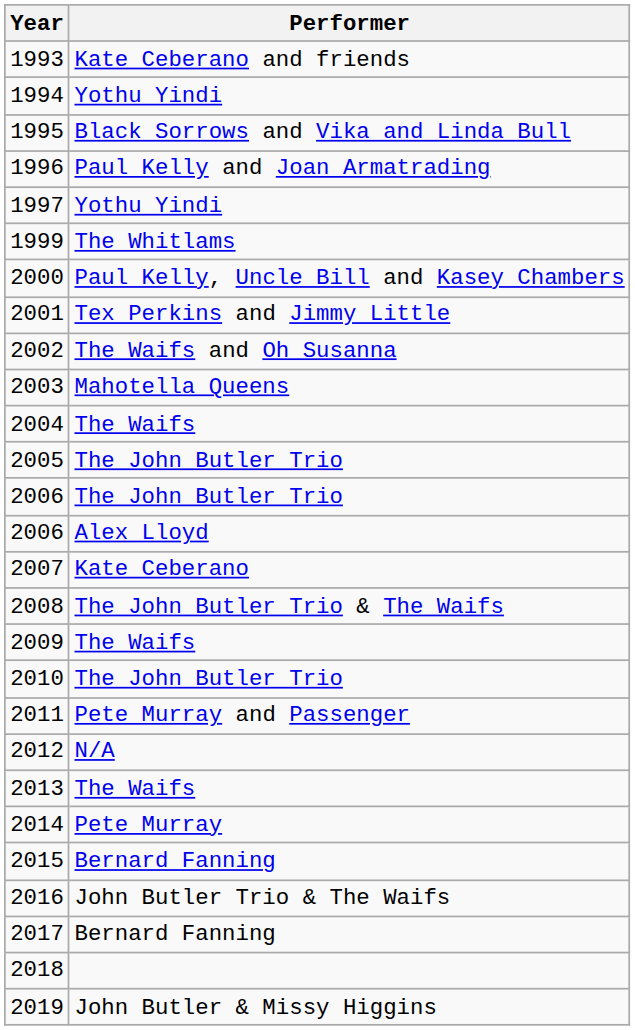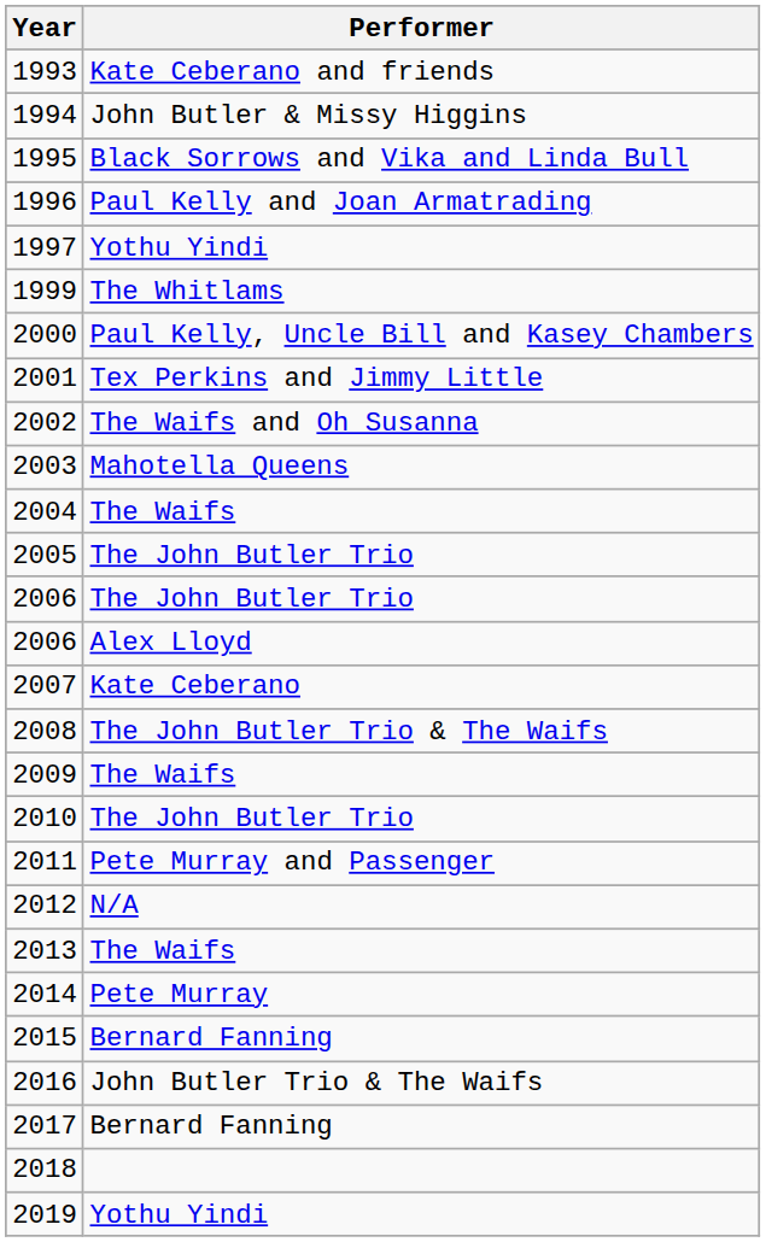 <table class="wikitable">
 <tr>
 <th>Year</th>
 <th>Performer</th>
 </tr>
 <tr>
 <td>1993</td>
 <td><a href='#'>Kate Ceberano</a> and friends</td>
 </tr>
 <tr>
 <td>1994</td>
-<td><a href='#'>Yothu Yindi</a></td>
+<td>John Butler & Missy Higgins</td>
 </tr>
 <tr>
 <td>1995</td>
 <td><a href='#'>Black Sorrows</a> and <a href='#'>Vika and Linda Bull</a></td>
 </tr>
 <tr>
 <td>1996</td>
 <td><a href='#'>Paul Kelly</a> and <a href='#'>Joan Armatrading</a></td>
 </tr>
 <tr>
 <td>1997</td>
 <td><a href='#'>Yothu Yindi</a></td>
 </tr>
 <tr>
 <td>1999</td>
 <td><a href='#'>The Whitlams</a></td>
 </tr>
 <tr>
 <td>2000</td>
 <td><a href='#'>Paul Kelly</a>, <a href='#'>Uncle Bill</a> and <a href='#'>Kasey Chambers</a></td>
 </tr>
 <tr>
 <td>2001</td>
 <td><a href='#'>Tex Perkins</a> and <a href='#'>Jimmy Little</a></td>
 </tr>
 <tr>
 <td>2002</td>
 <td><a href='#'>The Waifs</a> and <a href='#'>Oh Susanna</a></td>
 </tr>
 <tr>
 <td>2003</td>
 <td><a href='#'>Mahotella Queens</a></td>
 </tr>
 <tr>
 <td>2004</td>
 <td><a href='#'>The Waifs</a></td>
 </tr>
 <tr>
 <td>2005</td>
 <td><a href='#'>The John Butler Trio</a></td>
 </tr>
 <tr>
 <td>2006</td>
 <td><a href='#'>The John Butler Trio</a></td>
 </tr>
 <tr>
 <td>2006</td>
 <td><a href='#'>Alex Lloyd</a></td>
 </tr>
 <tr>
 <td>2007</td>
 <td><a href='#'>Kate Ceberano</a></td>
 </tr>
 <tr>
 <td>2008</td>
 <td><a href='#'>The John Butler Trio</a> & <a href='#'>The Waifs</a></td>
 </tr>
 <tr>
 <td>2009</td>
 <td><a href='#'>The Waifs</a></td>
 </tr>
 <tr>
 <td>2010</td>
 <td><a href='#'>The John Butler Trio</a></td>
 </tr>
 <tr>
 <td>2011</td>
 <td><a href='#'>Pete Murray</a> and <a href='#'>Passenger</a></td>
 </tr>
 <tr>
 <td>2012</td>
 <td><a href='#'>N/A</a></td>
 </tr>
 <tr>
 <td>2013</td>
 <td><a href='#'>The Waifs</a></td>
 </tr>
 <tr>
 <td>2014</td>
 <td><a href='#'>Pete Murray</a></td>
 </tr>
 <tr>
 <td>2015</td>
 <td><a href='#'>Bernard Fanning</a></td>
 </tr>
 <tr>
 <td>2016</td>
 <td>John Butler Trio & The Waifs</td>
 </tr>
 <tr>
 <td>2017</td>
 <td>Bernard Fanning</td>
 </tr>
 <tr>
 <td>2018</td>
 <td></td>
 </tr>
 <tr>
 <td>2019</td>
-<td>John Butler & Missy Higgins</td>
+<td><a href='#'>Yothu Yindi</a></td>
 </tr>
 </table>
